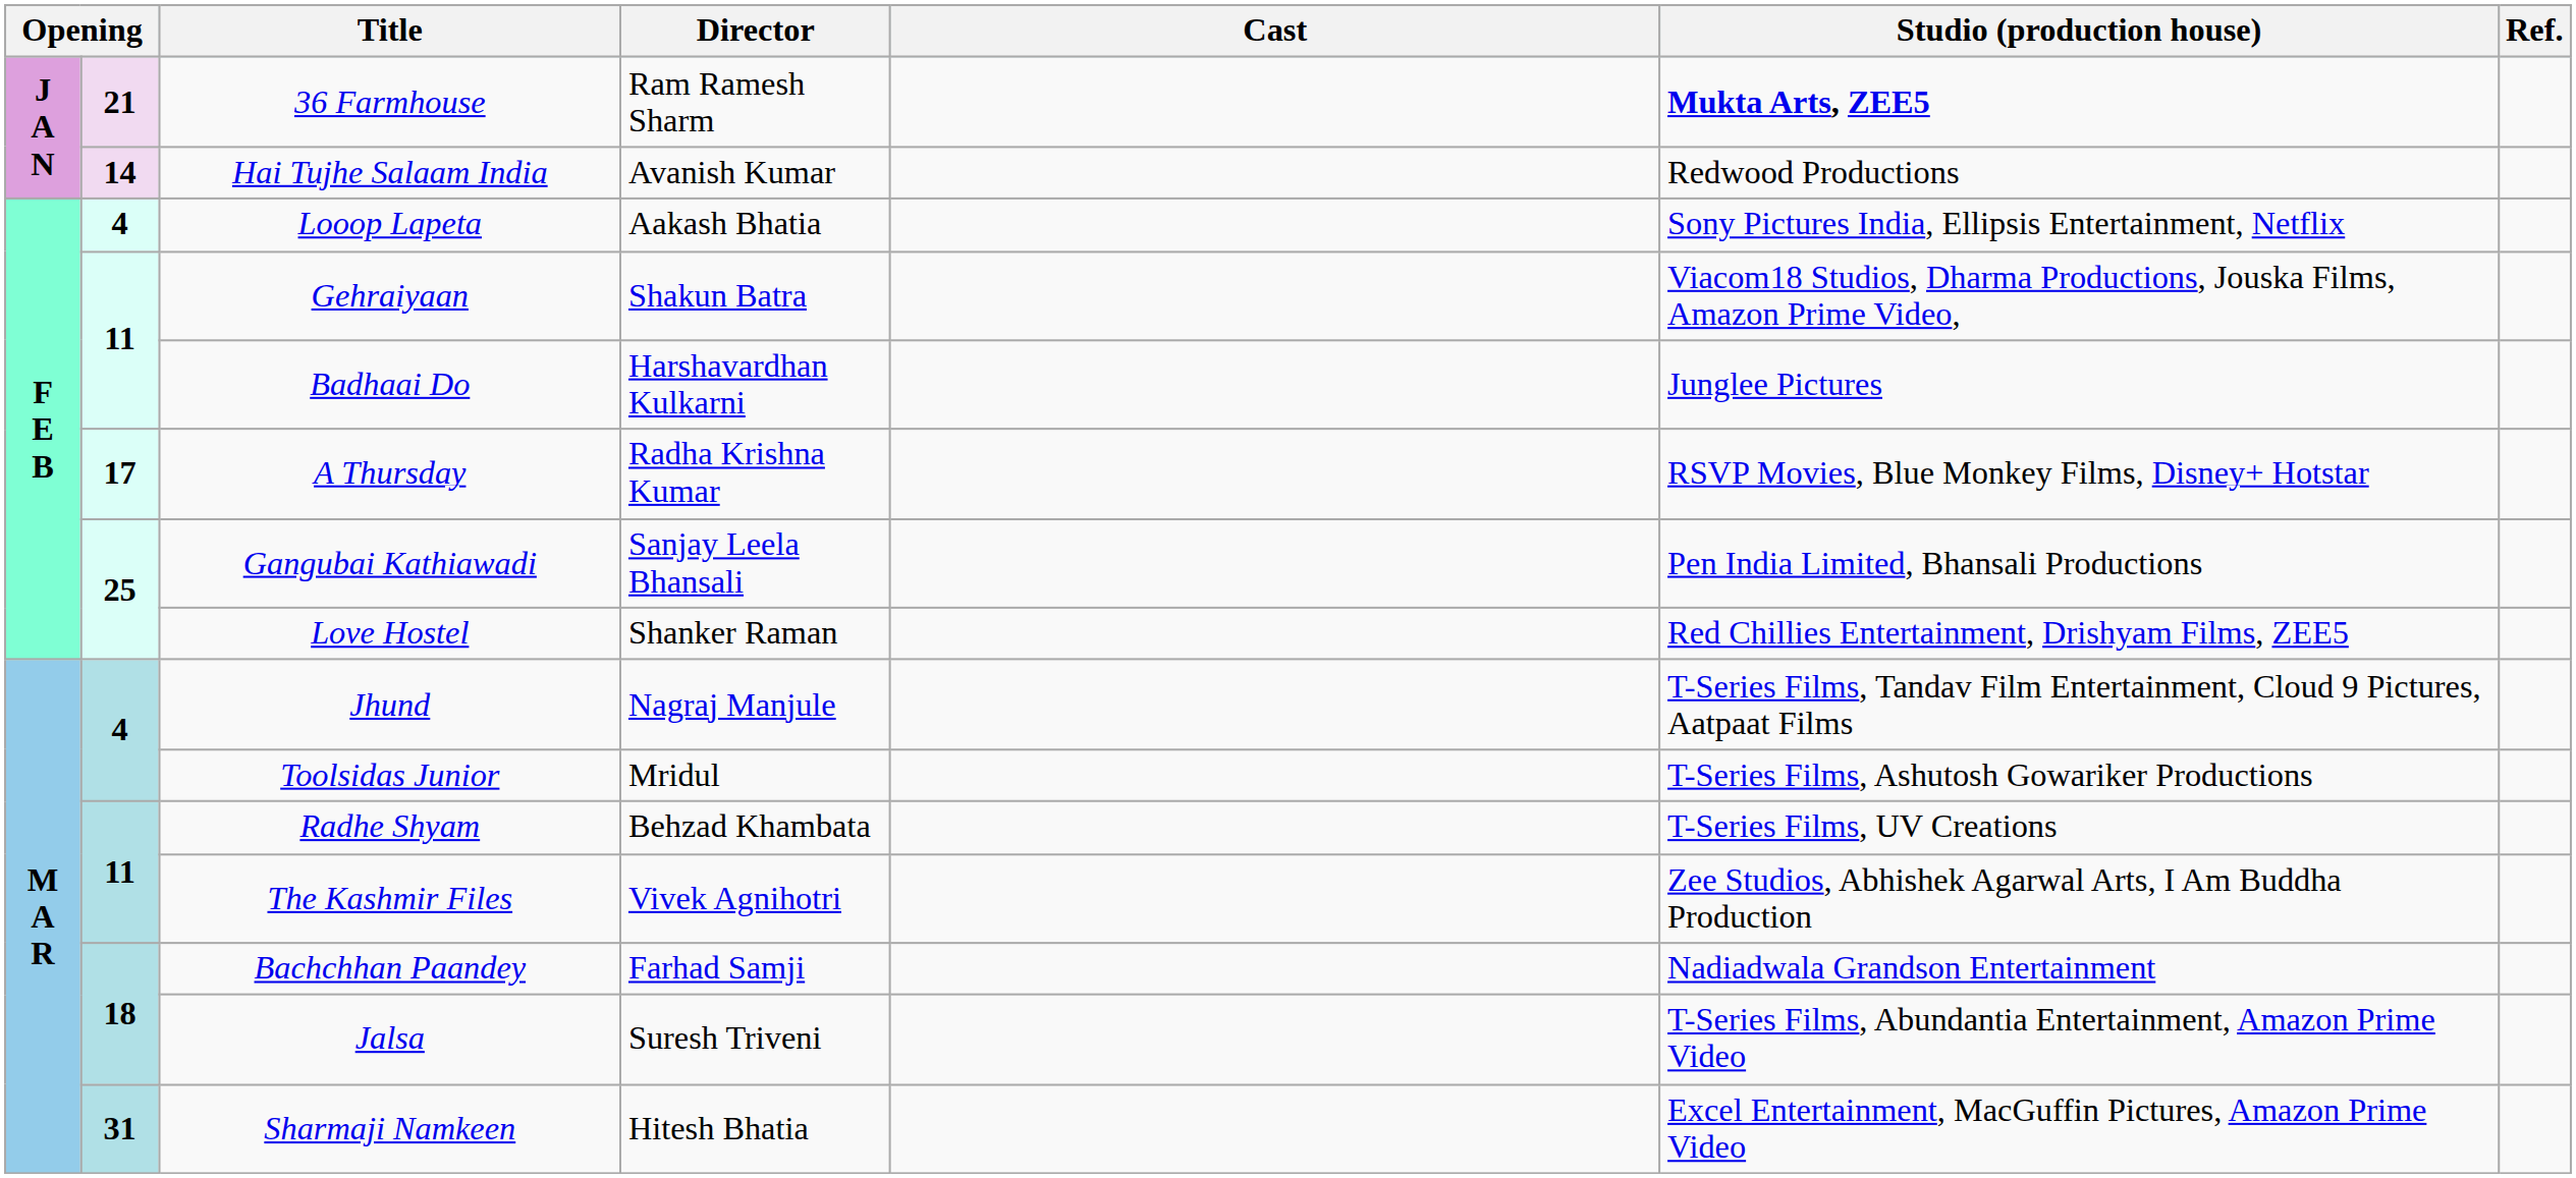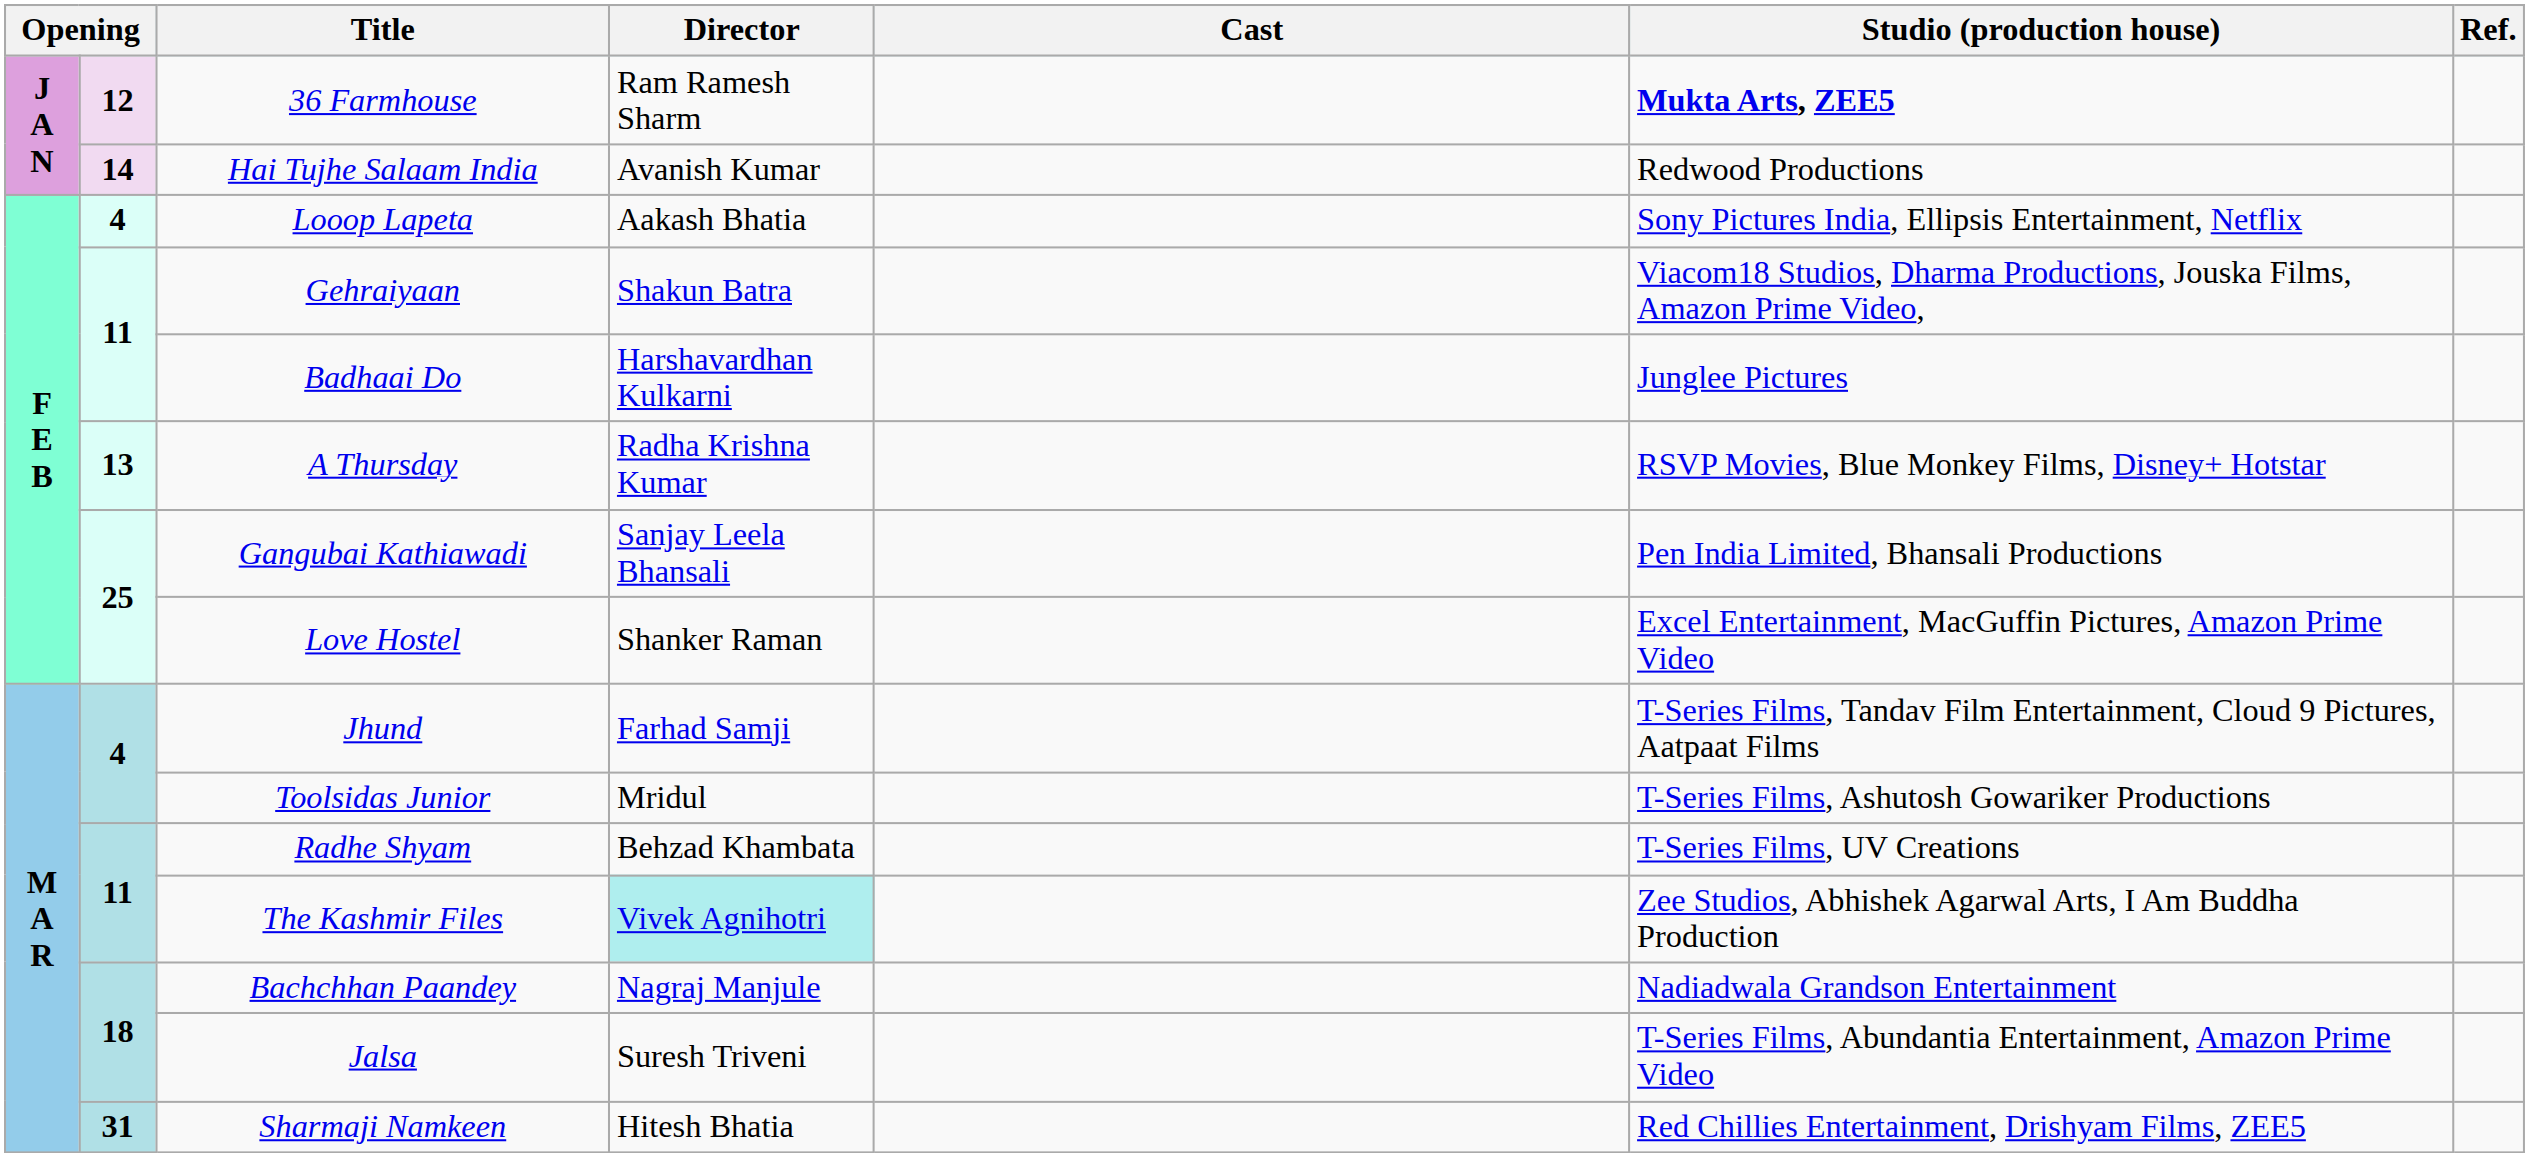 <table class="wikitable">
 <tr style="background:#b0e0e6; text-align:center;">
 <th colspan="2" style="width:6%;"><strong>Opening</strong></th>
 <th style="width:18%;"><strong>Title</strong></th>
 <th style="width:10.5%;"><strong>Director</strong></th>
 <th style="width:30%;"><strong>Cast</strong></th>
 <th>Studio (production house)</th>
 <th>Ref.</th>
 </tr>
 <tr January>
 <td rowspan="2" style="text-align:center; background:plum; textcolor:#000;"><strong>J<br>A<br>N</strong></td>
-<td style="text-align:center;background:#f1daf1;"><strong>21</strong></td>
+<td style="text-align:center;background:#f1daf1;"><strong>12</strong></td>
 <td style="text-align:center;"><em><a href='#'>36 Farmhouse</a></em></td>
 <td>Ram Ramesh Sharm</td>
 <td></td>
 <td><strong><a href='#'>Mukta Arts</a>, <a href='#'>ZEE5</a></strong></td>
 <td></td>
 </tr>
 <tr>
 <td style="text-align:center;background:#f1daf1;"><strong>14</strong></td>
 <td style="text-align:center;"><em><a href='#'>Hai Tujhe Salaam India</a></em></td>
 <td>Avanish  Kumar</td>
 <td></td>
 <td>Redwood Productions</td>
 <td></td>
 </tr>
 <tr February>
 <td rowspan="6" style="text-align:center; background:#7FFFD4; textcolor:#000;"><strong>F<br>E<br>B</strong></td>
 <td style="text-align:center;background:#dbfff8;"><strong>4</strong></td>
 <td style="text-align:center;"><em><a href='#'>Looop Lapeta</a></em></td>
 <td>Aakash Bhatia</td>
 <td></td>
 <td><a href='#'>Sony Pictures India</a>, Ellipsis Entertainment, <a href='#'>Netflix</a></td>
 <td></td>
 </tr>
 <tr>
 <td rowspan="2" style="text-align:center;background:#dbfff8;"><strong>11</strong></td>
 <td style="text-align:center;"><em><a href='#'>Gehraiyaan</a></em></td>
 <td><a href='#'>Shakun Batra</a></td>
 <td></td>
 <td><a href='#'>Viacom18 Studios</a>, <a href='#'>Dharma Productions</a>, Jouska Films, <a href='#'>Amazon Prime Video</a>,</td>
 <td></td>
 </tr>
 <tr>
 <td style="text-align:center;"><em><a href='#'>Badhaai Do</a></em></td>
 <td><a href='#'>Harshavardhan Kulkarni</a></td>
 <td></td>
 <td><a href='#'>Junglee Pictures</a></td>
 <td></td>
 </tr>
 <tr>
-<td style="text-align:center;background:#dbfff8;"><strong>17</strong></td>
+<td style="text-align:center;background:#dbfff8;"><strong>13</strong></td>
 <td style="text-align:center;"><em><a href='#'>A Thursday</a></em></td>
 <td><a href='#'>Radha Krishna Kumar</a></td>
 <td></td>
 <td><a href='#'>RSVP Movies</a>, Blue Monkey Films, <a href='#'>Disney+ Hotstar</a></td>
 <td></td>
 </tr>
 <tr>
 <td rowspan="2" style="text-align:center;background:#dbfff8;"><strong>25</strong></td>
 <td style="text-align:center;"><em><a href='#'>Gangubai Kathiawadi</a></em></td>
 <td><a href='#'>Sanjay Leela Bhansali</a></td>
 <td></td>
 <td><a href='#'>Pen India Limited</a>, Bhansali Productions</td>
 <td></td>
 </tr>
 <tr>
 <td style="text-align:center;"><em><a href='#'>Love Hostel</a></em></td>
 <td>Shanker Raman</td>
 <td></td>
-<td><a href='#'>Red Chillies Entertainment</a>, <a href='#'>Drishyam Films</a>, <a href='#'>ZEE5</a></td>
+<td><a href='#'>Excel Entertainment</a>, MacGuffin Pictures, <a href='#'>Amazon Prime Video</a></td>
 <td></td>
 </tr>
 <tr March>
 <td rowspan="8" style="text-align:center; background:#93CCEA; textcolor:#000;"><strong>M<br>A<br>R</strong></td>
 <td rowspan="2" style="text-align:center;background:#B0E0E6;"><strong>4</strong></td>
 <td style="text-align:center;"><em><a href='#'>Jhund</a></em></td>
-<td><a href='#'>Nagraj Manjule</a></td>
+<td><a href='#'>Farhad Samji</a></td>
 <td></td>
 <td><a href='#'>T-Series Films</a>, Tandav Film Entertainment, Cloud 9 Pictures, Aatpaat Films</td>
 <td></td>
 </tr>
 <tr>
 <td style="text-align:center;"><em><a href='#'>Toolsidas Junior</a></em></td>
 <td>Mridul</td>
 <td></td>
 <td><a href='#'>T-Series Films</a>, Ashutosh Gowariker Productions</td>
 <td></td>
 </tr>
 <tr>
 <td rowspan="2" style="text-align:center;background:#B0E0E6;"><strong>11</strong></td>
 <td style="text-align:center;"><em><a href='#'>Radhe Shyam</a></em></td>
 <td>Behzad Khambata</td>
 <td></td>
 <td><a href='#'>T-Series Films</a>, UV Creations</td>
 <td></td>
 </tr>
 <tr>
 <td style="text-align:center;"><em><a href='#'>The Kashmir Files</a></em></td>
-<td><a href='#'>Vivek Agnihotri</a></td>
+<td style="background: paleturquoise;"><a href='#'>Vivek Agnihotri</a></td>
 <td></td>
 <td><a href='#'>Zee Studios</a>, Abhishek Agarwal Arts, I Am Buddha Production</td>
 <td></td>
 </tr>
 <tr>
 <td rowspan="2" style="text-align:center;background:#B0E0E6;"><strong>18</strong></td>
 <td style="text-align:center;"><em><a href='#'>Bachchhan Paandey</a></em></td>
-<td><a href='#'>Farhad Samji</a></td>
+<td><a href='#'>Nagraj Manjule</a></td>
 <td></td>
 <td><a href='#'>Nadiadwala Grandson Entertainment</a></td>
 <td></td>
 </tr>
 <tr>
 <td style="text-align:center;"><em><a href='#'>Jalsa</a></em></td>
 <td>Suresh Triveni</td>
 <td></td>
 <td><a href='#'>T-Series Films</a>, Abundantia Entertainment, <a href='#'>Amazon Prime Video</a></td>
 <td></td>
 </tr>
 <tr>
 <td style="text-align:center;background:#B0E0E6;"><strong>31</strong></td>
 <td style="text-align:center;"><em><a href='#'>Sharmaji Namkeen</a></em></td>
 <td>Hitesh Bhatia</td>
 <td></td>
-<td><a href='#'>Excel Entertainment</a>, MacGuffin Pictures, <a href='#'>Amazon Prime Video</a></td>
+<td><a href='#'>Red Chillies Entertainment</a>, <a href='#'>Drishyam Films</a>, <a href='#'>ZEE5</a></td>
 <td></td>
 </tr>
 </table>
